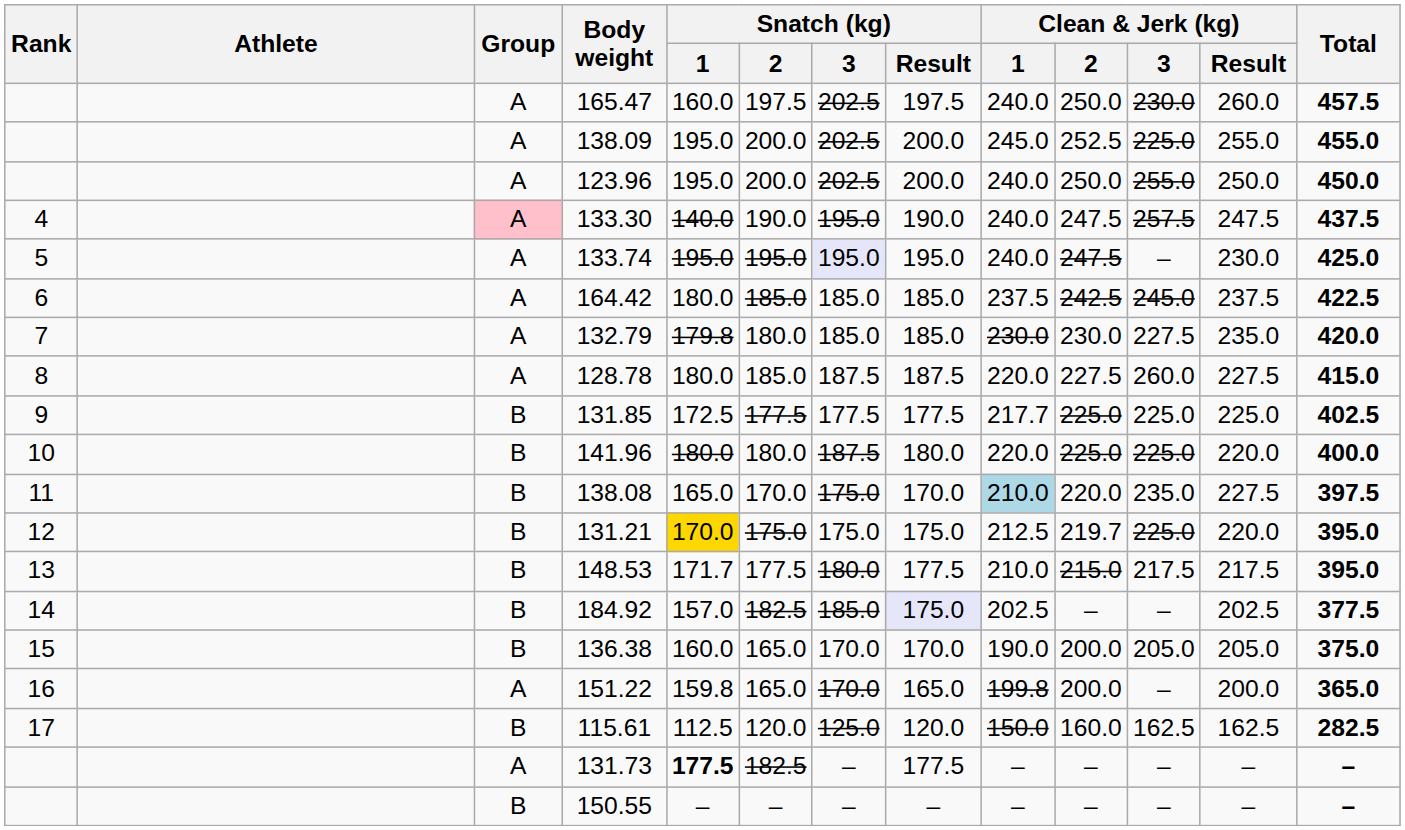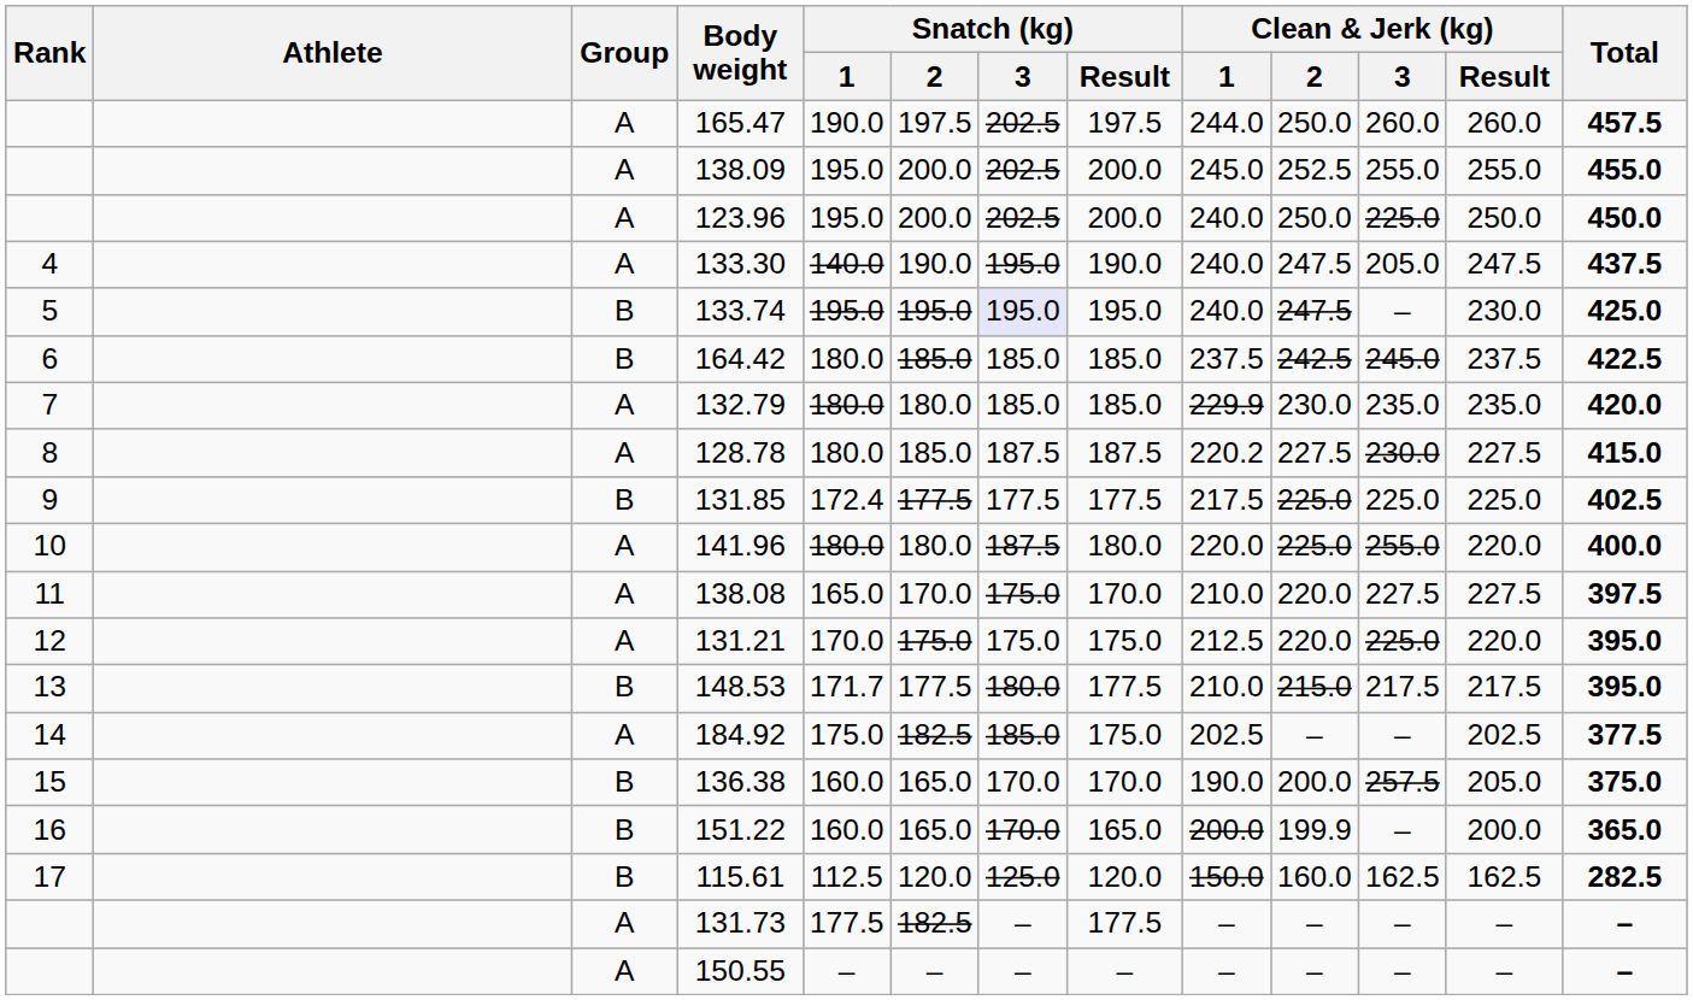 <table class="wikitable" style=" text-align:center;">
 <tr>
 <th rowspan=2 width=40>Rank</th>
 <th rowspan=2 width=250>Athlete</th>
 <th rowspan=2 width=50>Group</th>
 <th rowspan=2 width=60>Body weight</th>
 <th colspan=4>Snatch (kg)</th>
 <th colspan=4>Clean & Jerk (kg)</th>
 <th rowspan=2 width=60>Total</th>
 </tr>
 <tr>
 <th width=40>1</th>
 <th width=40>2</th>
 <th width=40>3</th>
 <th width=55>Result</th>
 <th width=40>1</th>
 <th width=40>2</th>
 <th width=40>3</th>
 <th width=55>Result</th>
 </tr>
 <tr>
 <td></td>
 <td align=left></td>
 <td>A</td>
 <td>165.47</td>
-<td>160.0</td>
+<td>190.0</td>
 <td>197.5</td>
 <td><s>202.5</s></td>
 <td>197.5</td>
-<td>240.0</td>
+<td>244.0</td>
 <td>250.0</td>
-<td><s>230.0</s></td>
+<td>260.0</td>
 <td>260.0</td>
 <td><strong>457.5</strong></td>
 </tr>
 <tr>
 <td></td>
 <td align=left></td>
 <td>A</td>
 <td>138.09</td>
 <td>195.0</td>
 <td>200.0</td>
 <td><s>202.5</s></td>
 <td>200.0</td>
 <td>245.0</td>
 <td>252.5</td>
-<td><s>225.0</s></td>
+<td>255.0</td>
 <td>255.0</td>
 <td><strong>455.0</strong></td>
 </tr>
 <tr>
 <td></td>
 <td align=left></td>
 <td>A</td>
 <td>123.96</td>
 <td>195.0</td>
 <td>200.0</td>
 <td><s>202.5</s></td>
 <td>200.0</td>
 <td>240.0</td>
 <td>250.0</td>
-<td><s>255.0</s></td>
+<td><s>225.0</s></td>
 <td>250.0</td>
 <td><strong>450.0</strong></td>
 </tr>
 <tr>
 <td>4</td>
 <td align=left></td>
-<td style="background: pink;">A</td>
+<td>A</td>
 <td>133.30</td>
 <td><s>140.0</s></td>
 <td>190.0</td>
 <td><s>195.0</s></td>
 <td>190.0</td>
 <td>240.0</td>
 <td>247.5</td>
-<td><s>257.5</s></td>
+<td>205.0</td>
 <td>247.5</td>
 <td><strong>437.5</strong></td>
 </tr>
 <tr>
 <td>5</td>
 <td align=left></td>
-<td>A</td>
+<td>B</td>
 <td>133.74</td>
 <td><s>195.0</s></td>
 <td><s>195.0</s></td>
 <td style="background: lavender;">195.0</td>
 <td>195.0</td>
 <td>240.0</td>
 <td><s>247.5</s></td>
 <td>–</td>
 <td>230.0</td>
 <td><strong>425.0</strong></td>
 </tr>
 <tr>
 <td>6</td>
 <td align=left></td>
-<td>A</td>
+<td>B</td>
 <td>164.42</td>
 <td>180.0</td>
 <td><s>185.0</s></td>
 <td>185.0</td>
 <td>185.0</td>
 <td>237.5</td>
 <td><s>242.5</s></td>
 <td><s>245.0</s></td>
 <td>237.5</td>
 <td><strong>422.5</strong></td>
 </tr>
 <tr>
 <td>7</td>
 <td align=left></td>
 <td>A</td>
 <td>132.79</td>
-<td><s>179.8</s></td>
+<td><s>180.0</s></td>
 <td>180.0</td>
 <td>185.0</td>
 <td>185.0</td>
-<td><s>230.0</s></td>
+<td><s>229.9</s></td>
 <td>230.0</td>
-<td>227.5</td>
+<td>235.0</td>
 <td>235.0</td>
 <td><strong>420.0</strong></td>
 </tr>
 <tr>
 <td>8</td>
 <td align=left></td>
 <td>A</td>
 <td>128.78</td>
 <td>180.0</td>
 <td>185.0</td>
 <td>187.5</td>
 <td>187.5</td>
-<td>220.0</td>
+<td>220.2</td>
 <td>227.5</td>
-<td>260.0</td>
+<td><s>230.0</s></td>
 <td>227.5</td>
 <td><strong>415.0</strong></td>
 </tr>
 <tr>
 <td>9</td>
 <td align=left></td>
 <td>B</td>
 <td>131.85</td>
-<td>172.5</td>
+<td>172.4</td>
 <td><s>177.5</s></td>
 <td>177.5</td>
 <td>177.5</td>
-<td>217.7</td>
+<td>217.5</td>
 <td><s>225.0</s></td>
 <td>225.0</td>
 <td>225.0</td>
 <td><strong>402.5</strong></td>
 </tr>
 <tr>
 <td>10</td>
 <td align=left></td>
-<td>B</td>
+<td>A</td>
 <td>141.96</td>
 <td><s>180.0</s></td>
 <td>180.0</td>
 <td><s>187.5</s></td>
 <td>180.0</td>
 <td>220.0</td>
 <td><s>225.0</s></td>
-<td><s>225.0</s></td>
+<td><s>255.0</s></td>
 <td>220.0</td>
 <td><strong>400.0</strong></td>
 </tr>
 <tr>
 <td>11</td>
 <td align=left></td>
-<td>B</td>
+<td>A</td>
 <td>138.08</td>
 <td>165.0</td>
 <td>170.0</td>
 <td><s>175.0</s></td>
 <td>170.0</td>
-<td style="background: lightblue;">210.0</td>
+<td>210.0</td>
 <td>220.0</td>
-<td>235.0</td>
+<td>227.5</td>
 <td>227.5</td>
 <td><strong>397.5</strong></td>
 </tr>
 <tr>
 <td>12</td>
 <td align=left></td>
-<td>B</td>
+<td>A</td>
 <td>131.21</td>
-<td style="background: gold;">170.0</td>
+<td>170.0</td>
 <td><s>175.0</s></td>
 <td>175.0</td>
 <td>175.0</td>
 <td>212.5</td>
-<td>219.7</td>
+<td>220.0</td>
 <td><s>225.0</s></td>
 <td>220.0</td>
 <td><strong>395.0</strong></td>
 </tr>
 <tr>
 <td>13</td>
 <td align=left></td>
 <td>B</td>
 <td>148.53</td>
 <td>171.7</td>
 <td>177.5</td>
 <td><s>180.0</s></td>
 <td>177.5</td>
 <td>210.0</td>
 <td><s>215.0</s></td>
 <td>217.5</td>
 <td>217.5</td>
 <td><strong>395.0</strong></td>
 </tr>
 <tr>
 <td>14</td>
 <td align=left></td>
-<td>B</td>
+<td>A</td>
 <td>184.92</td>
-<td>157.0</td>
+<td>175.0</td>
 <td><s>182.5</s></td>
 <td><s>185.0</s></td>
-<td style="background: lavender;">175.0</td>
+<td>175.0</td>
 <td>202.5</td>
 <td>–</td>
 <td>–</td>
 <td>202.5</td>
 <td><strong>377.5</strong></td>
 </tr>
 <tr>
 <td>15</td>
 <td align=left></td>
 <td>B</td>
 <td>136.38</td>
 <td>160.0</td>
 <td>165.0</td>
 <td>170.0</td>
 <td>170.0</td>
 <td>190.0</td>
 <td>200.0</td>
-<td>205.0</td>
+<td><s>257.5</s></td>
 <td>205.0</td>
 <td><strong>375.0</strong></td>
 </tr>
 <tr>
 <td>16</td>
 <td align=left></td>
-<td>A</td>
+<td>B</td>
 <td>151.22</td>
-<td>159.8</td>
+<td>160.0</td>
 <td>165.0</td>
 <td><s>170.0</s></td>
 <td>165.0</td>
-<td><s>199.8</s></td>
-<td>200.0</td>
+<td><s>200.0</s></td>
+<td>199.9</td>
 <td>–</td>
 <td>200.0</td>
 <td><strong>365.0</strong></td>
 </tr>
 <tr>
 <td>17</td>
 <td align=left></td>
 <td>B</td>
 <td>115.61</td>
 <td>112.5</td>
 <td>120.0</td>
 <td><s>125.0</s></td>
 <td>120.0</td>
 <td><s>150.0</s></td>
 <td>160.0</td>
 <td>162.5</td>
 <td>162.5</td>
 <td><strong>282.5</strong></td>
 </tr>
 <tr>
 <td></td>
 <td align="left"></td>
 <td>A</td>
 <td>131.73</td>
-<td><strong>177.5</strong></td>
+<td>177.5</td>
 <td><s>182.5</s></td>
 <td>–</td>
 <td>177.5</td>
 <td>–</td>
 <td>–</td>
 <td>–</td>
 <td>–</td>
 <td><strong>–</strong></td>
 </tr>
 <tr>
 <td></td>
 <td align="left"></td>
-<td>B</td>
+<td>A</td>
 <td>150.55</td>
 <td>–</td>
 <td>–</td>
 <td>–</td>
 <td>–</td>
 <td>–</td>
 <td>–</td>
 <td>–</td>
 <td>–</td>
 <td><strong>–</strong></td>
 </tr>
 </table>
